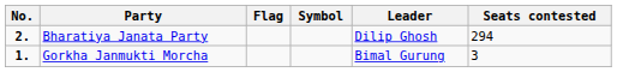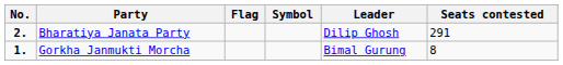 <table class="wikitable sortable" width="50%">
 <tr>
 <th>No.</th>
 <th>Party</th>
 <th>Flag</th>
 <th>Symbol</th>
 <th>Leader</th>
 <th>Seats contested</th>
 </tr>
 <tr>
 <td ! style="text-align:center; background:"><strong>2.</strong></td>
 <td><a href='#'>Bharatiya Janata Party</a></td>
 <td></td>
 <td></td>
 <td><a href='#'>Dilip Ghosh</a></td>
-<td>294</td>
+<td>291</td>
 </tr>
 <tr>
 <td ! style="text-align:center; background:"><strong>1.</strong></td>
 <td><a href='#'>Gorkha Janmukti Morcha</a></td>
 <td></td>
 <td></td>
 <td><a href='#'>Bimal Gurung</a></td>
-<td>3</td>
+<td>8</td>
 </tr>
 </table>
